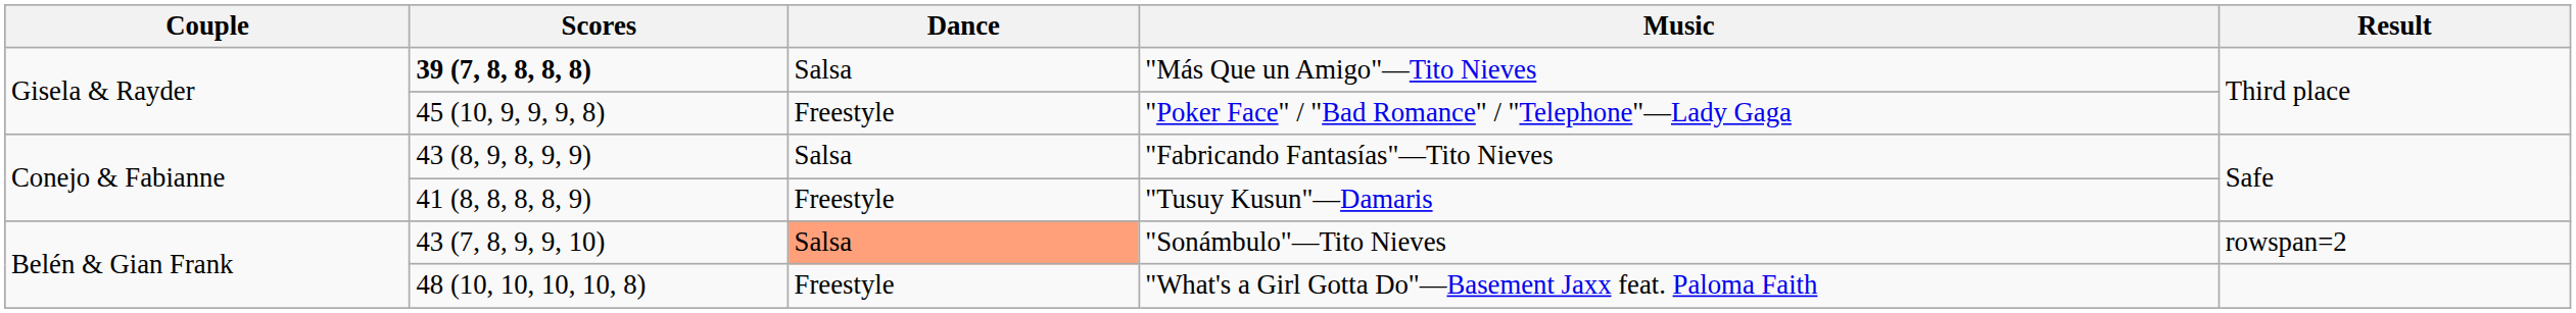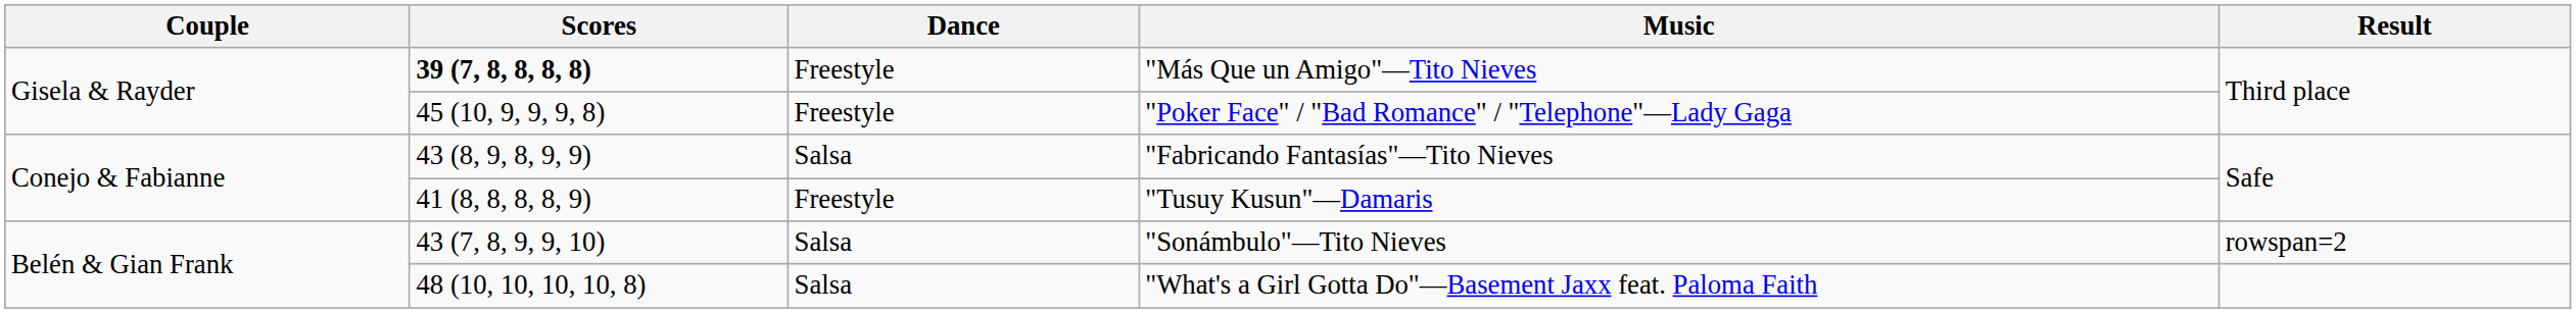 <table class="wikitable sortable" style="width:95%; white-space:nowrap;">
 <tr>
 <th style="width:15%;">Couple</th>
 <th style="width:14%;">Scores</th>
 <th style="width:13%;">Dance</th>
 <th style="width:40%;">Music</th>
 <th style="width:13%;">Result</th>
 </tr>
 <tr>
 <td rowspan=2>Gisela & Rayder</td>
 <td><strong>39 (7, 8, 8, 8, 8)</strong></td>
-<td>Salsa</td>
+<td>Freestyle</td>
 <td>"Más Que un Amigo"—<a href='#'>Tito Nieves</a></td>
 <td rowspan=2>Third place</td>
 </tr>
 <tr>
 <td>45 (10, 9, 9, 9, 8)</td>
 <td>Freestyle</td>
 <td>"<a href='#'>Poker Face</a>" / "<a href='#'>Bad Romance</a>" / "<a href='#'>Telephone</a>"—<a href='#'>Lady Gaga</a></td>
 </tr>
 <tr>
 <td rowspan=2>Conejo & Fabianne</td>
 <td>43 (8, 9, 8, 9, 9)</td>
 <td>Salsa</td>
 <td>"Fabricando Fantasías"—Tito Nieves</td>
 <td rowspan=2>Safe</td>
 </tr>
 <tr>
 <td>41 (8, 8, 8, 8, 9)</td>
 <td>Freestyle</td>
 <td>"Tusuy Kusun"—<a href='#'>Damaris</a></td>
 </tr>
 <tr>
 <td rowspan=2>Belén & Gian Frank</td>
 <td>43 (7, 8, 9, 9, 10)</td>
-<td style="background: lightsalmon;">Salsa</td>
+<td>Salsa</td>
 <td>"Sonámbulo"—Tito Nieves</td>
 <td>rowspan=2 </td>
 </tr>
 <tr>
 <td>48 (10, 10, 10, 10, 8)</td>
-<td>Freestyle</td>
+<td>Salsa</td>
 <td>"What's a Girl Gotta Do"—<a href='#'>Basement Jaxx</a> feat. <a href='#'>Paloma Faith</a></td>
 </tr>
 </table>
